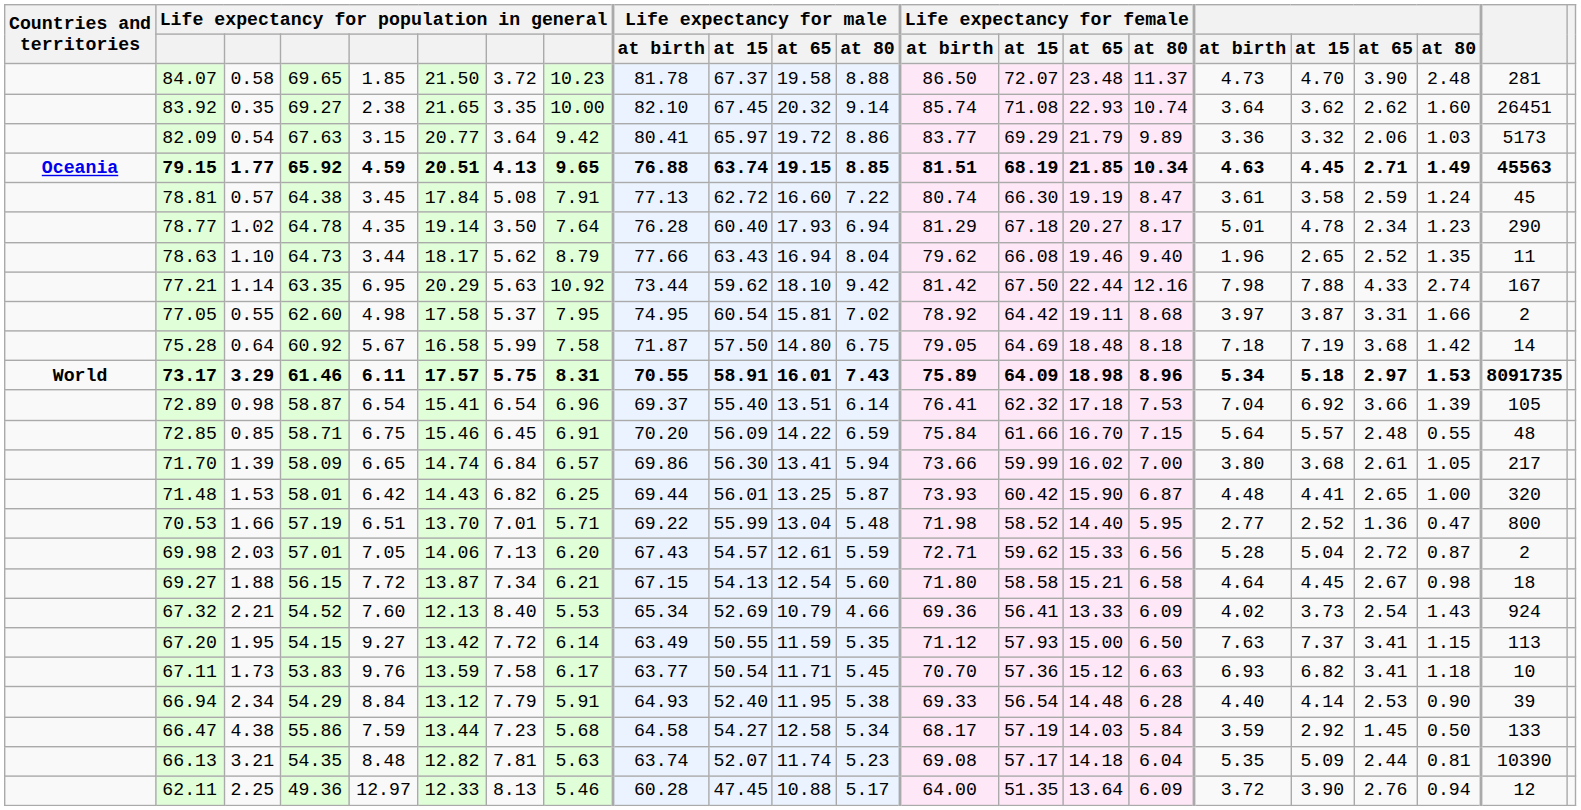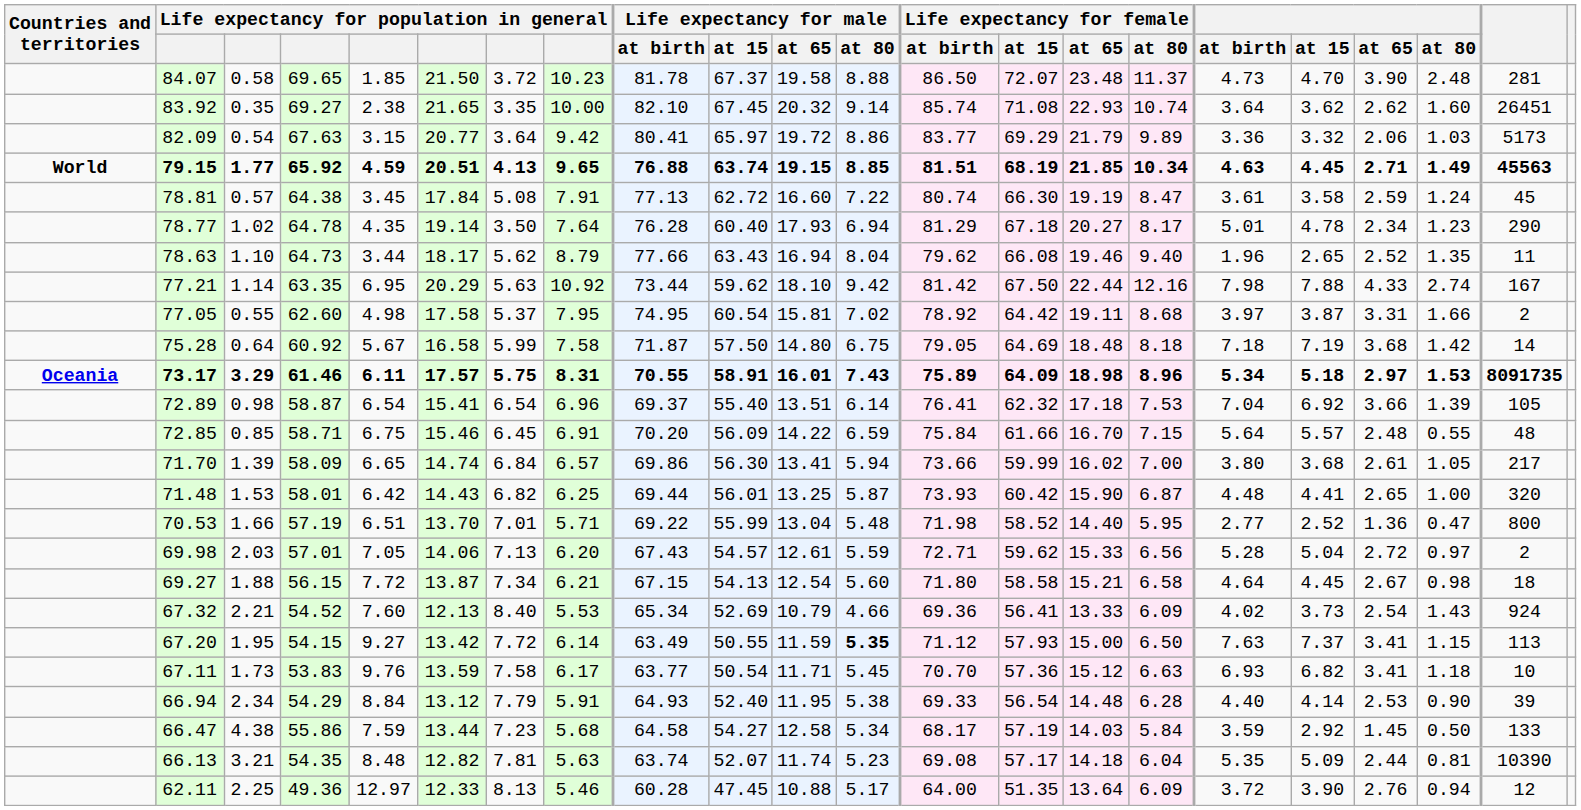 <table class="wikitable sortable mw-datatable static-row-numbers sticky-header-multi sort-under col1left col21right" style="text-align:center;">
 <tr>
 <th rowspan=2 style="vertical-align:middle;">Countries and<br>territories</th>
 <th colspan=7>Life expectancy for population in general</th>
 <th colspan=4 style="border-left-width:2px;">Life expectancy for male</th>
 <th colspan=4 style="border-left-width:2px;">Life expectancy for female</th>
 <th colspan=4 style="border-left-width:2px;"></th>
 <th rowspan=2 style="border-left-width:2px; text-align:middle;"></th>
 <th rowspan=2></th>
 </tr>
 <tr>
 <th style="vertical-align:middle;"></th>
 <th></th>
 <th style="vertical-align:middle;"></th>
 <th></th>
 <th style="vertical-align:middle;"></th>
 <th></th>
 <th style="vertical-align:middle;"></th>
 <th style="vertical-align:middle;border-left-width:2px;">at birth</th>
 <th style="vertical-align:middle;">at 15</th>
 <th style="vertical-align:middle;">at 65</th>
 <th style="vertical-align:middle;">at 80</th>
 <th style="vertical-align:middle;border-left-width:2px;">at birth</th>
 <th style="vertical-align:middle;">at 15</th>
 <th style="vertical-align:middle;">at 65</th>
 <th style="vertical-align:middle;">at 80</th>
 <th style="vertical-align:middle;border-left-width:2px;">at birth</th>
 <th style="vertical-align:middle;">at 15</th>
 <th style="vertical-align:middle;">at 65</th>
 <th style="vertical-align:middle;">at 80</th>
 </tr>
 <tr>
 <td></td>
 <td style="background:#e0ffd8;">84.07</td>
 <td>0.58</td>
 <td style="background:#e0ffd8;">69.65</td>
 <td>1.85</td>
 <td style="background:#e0ffd8;">21.50</td>
 <td>3.72</td>
 <td style="background:#e0ffd8;">10.23</td>
 <td style="background:#eaf3ff;border-left-width:2px;">81.78</td>
 <td style="background:#eaf3ff;">67.37</td>
 <td style="background:#eaf3ff;">19.58</td>
 <td style="background:#eaf3ff;">8.88</td>
 <td style="background:#fee7f6;border-left-width:2px;">86.50</td>
 <td style="background:#fee7f6;">72.07</td>
 <td style="background:#fee7f6;">23.48</td>
 <td style="background:#fee7f6;">11.37</td>
 <td style="border-left-width:2px;">4.73</td>
 <td>4.70</td>
 <td>3.90</td>
 <td>2.48</td>
 <td style="border-left-width:2px;">281</td>
 <td></td>
 </tr>
 <tr>
 <td></td>
 <td style="background:#e0ffd8;">83.92</td>
 <td>0.35</td>
 <td style="background:#e0ffd8;">69.27</td>
 <td>2.38</td>
 <td style="background:#e0ffd8;">21.65</td>
 <td>3.35</td>
 <td style="background:#e0ffd8;">10.00</td>
 <td style="background:#eaf3ff;border-left-width:2px;">82.10</td>
 <td style="background:#eaf3ff;">67.45</td>
 <td style="background:#eaf3ff;">20.32</td>
 <td style="background:#eaf3ff;">9.14</td>
 <td style="background:#fee7f6;border-left-width:2px;">85.74</td>
 <td style="background:#fee7f6;">71.08</td>
 <td style="background:#fee7f6;">22.93</td>
 <td style="background:#fee7f6;">10.74</td>
 <td style="border-left-width:2px;">3.64</td>
 <td>3.62</td>
 <td>2.62</td>
 <td>1.60</td>
 <td style="border-left-width:2px;">26451</td>
 <td></td>
 </tr>
 <tr>
 <td></td>
 <td style="background:#e0ffd8;">82.09</td>
 <td>0.54</td>
 <td style="background:#e0ffd8;">67.63</td>
 <td>3.15</td>
 <td style="background:#e0ffd8;">20.77</td>
 <td>3.64</td>
 <td style="background:#e0ffd8;">9.42</td>
 <td style="background:#eaf3ff;border-left-width:2px;">80.41</td>
 <td style="background:#eaf3ff;">65.97</td>
 <td style="background:#eaf3ff;">19.72</td>
 <td style="background:#eaf3ff;">8.86</td>
 <td style="background:#fee7f6;border-left-width:2px;">83.77</td>
 <td style="background:#fee7f6;">69.29</td>
 <td style="background:#fee7f6;">21.79</td>
 <td style="background:#fee7f6;">9.89</td>
 <td style="border-left-width:2px;">3.36</td>
 <td>3.32</td>
 <td>2.06</td>
 <td>1.03</td>
 <td style="border-left-width:2px;">5173</td>
 <td></td>
 </tr>
 <tr class=static-row-header>
-<td><strong><a href='#'>Oceania</a></strong></td>
+<td><strong>World</strong></td>
 <td style="background:#e0ffd8;"><strong>79.15</strong></td>
 <td><strong>1.77</strong></td>
 <td style="background:#e0ffd8;"><strong>65.92</strong></td>
 <td><strong>4.59</strong></td>
 <td style="background:#e0ffd8;"><strong>20.51</strong></td>
 <td><strong>4.13</strong></td>
 <td style="background:#e0ffd8;"><strong>9.65</strong></td>
 <td style="background:#eaf3ff;border-left-width:2px;"><strong>76.88</strong></td>
 <td style="background:#eaf3ff;"><strong>63.74</strong></td>
 <td style="background:#eaf3ff;"><strong>19.15</strong></td>
 <td style="background:#eaf3ff;"><strong>8.85</strong></td>
 <td style="background:#fee7f6;border-left-width:2px;"><strong>81.51</strong></td>
 <td style="background:#fee7f6;"><strong>68.19</strong></td>
 <td style="background:#fee7f6;"><strong>21.85</strong></td>
 <td style="background:#fee7f6;"><strong>10.34</strong></td>
 <td style="border-left-width:2px;"><strong>4.63</strong></td>
 <td><strong>4.45</strong></td>
 <td><strong>2.71</strong></td>
 <td><strong>1.49</strong></td>
 <td style="border-left-width:2px;"><strong>45563</strong></td>
 <td></td>
 </tr>
 <tr>
 <td></td>
 <td style="background:#e0ffd8;">78.81</td>
 <td>0.57</td>
 <td style="background:#e0ffd8;">64.38</td>
 <td>3.45</td>
 <td style="background:#e0ffd8;">17.84</td>
 <td>5.08</td>
 <td style="background:#e0ffd8;">7.91</td>
 <td style="background:#eaf3ff;border-left-width:2px;">77.13</td>
 <td style="background:#eaf3ff;">62.72</td>
 <td style="background:#eaf3ff;">16.60</td>
 <td style="background:#eaf3ff;">7.22</td>
 <td style="background:#fee7f6;border-left-width:2px;">80.74</td>
 <td style="background:#fee7f6;">66.30</td>
 <td style="background:#fee7f6;">19.19</td>
 <td style="background:#fee7f6;">8.47</td>
 <td style="border-left-width:2px;">3.61</td>
 <td>3.58</td>
 <td>2.59</td>
 <td>1.24</td>
 <td style="border-left-width:2px;">45</td>
 <td></td>
 </tr>
 <tr>
 <td></td>
 <td style="background:#e0ffd8;">78.77</td>
 <td>1.02</td>
 <td style="background:#e0ffd8;">64.78</td>
 <td>4.35</td>
 <td style="background:#e0ffd8;">19.14</td>
 <td>3.50</td>
 <td style="background:#e0ffd8;">7.64</td>
 <td style="background:#eaf3ff;border-left-width:2px;">76.28</td>
 <td style="background:#eaf3ff;">60.40</td>
 <td style="background:#eaf3ff;">17.93</td>
 <td style="background:#eaf3ff;">6.94</td>
 <td style="background:#fee7f6;border-left-width:2px;">81.29</td>
 <td style="background:#fee7f6;">67.18</td>
 <td style="background:#fee7f6;">20.27</td>
 <td style="background:#fee7f6;">8.17</td>
 <td style="border-left-width:2px;">5.01</td>
 <td>4.78</td>
 <td>2.34</td>
 <td>1.23</td>
 <td style="border-left-width:2px;">290</td>
 <td></td>
 </tr>
 <tr>
 <td></td>
 <td style="background:#e0ffd8;">78.63</td>
 <td>1.10</td>
 <td style="background:#e0ffd8;">64.73</td>
 <td>3.44</td>
 <td style="background:#e0ffd8;">18.17</td>
 <td>5.62</td>
 <td style="background:#e0ffd8;">8.79</td>
 <td style="background:#eaf3ff;border-left-width:2px;">77.66</td>
 <td style="background:#eaf3ff;">63.43</td>
 <td style="background:#eaf3ff;">16.94</td>
 <td style="background:#eaf3ff;">8.04</td>
 <td style="background:#fee7f6;border-left-width:2px;">79.62</td>
 <td style="background:#fee7f6;">66.08</td>
 <td style="background:#fee7f6;">19.46</td>
 <td style="background:#fee7f6;">9.40</td>
 <td style="border-left-width:2px;">1.96</td>
 <td>2.65</td>
 <td>2.52</td>
 <td>1.35</td>
 <td style="border-left-width:2px;">11</td>
 <td></td>
 </tr>
 <tr>
 <td></td>
 <td style="background:#e0ffd8;">77.21</td>
 <td>1.14</td>
 <td style="background:#e0ffd8;">63.35</td>
 <td>6.95</td>
 <td style="background:#e0ffd8;">20.29</td>
 <td>5.63</td>
 <td style="background:#e0ffd8;">10.92</td>
 <td style="background:#eaf3ff;border-left-width:2px;">73.44</td>
 <td style="background:#eaf3ff;">59.62</td>
 <td style="background:#eaf3ff;">18.10</td>
 <td style="background:#eaf3ff;">9.42</td>
 <td style="background:#fee7f6;border-left-width:2px;">81.42</td>
 <td style="background:#fee7f6;">67.50</td>
 <td style="background:#fee7f6;">22.44</td>
 <td style="background:#fee7f6;">12.16</td>
 <td style="border-left-width:2px;">7.98</td>
 <td>7.88</td>
 <td>4.33</td>
 <td>2.74</td>
 <td style="border-left-width:2px;">167</td>
 <td></td>
 </tr>
 <tr>
 <td></td>
 <td style="background:#e0ffd8;">77.05</td>
 <td>0.55</td>
 <td style="background:#e0ffd8;">62.60</td>
 <td>4.98</td>
 <td style="background:#e0ffd8;">17.58</td>
 <td>5.37</td>
 <td style="background:#e0ffd8;">7.95</td>
 <td style="background:#eaf3ff;border-left-width:2px;">74.95</td>
 <td style="background:#eaf3ff;">60.54</td>
 <td style="background:#eaf3ff;">15.81</td>
 <td style="background:#eaf3ff;">7.02</td>
 <td style="background:#fee7f6;border-left-width:2px;">78.92</td>
 <td style="background:#fee7f6;">64.42</td>
 <td style="background:#fee7f6;">19.11</td>
 <td style="background:#fee7f6;">8.68</td>
 <td style="border-left-width:2px;">3.97</td>
 <td>3.87</td>
 <td>3.31</td>
 <td>1.66</td>
 <td style="border-left-width:2px;">2</td>
 <td></td>
 </tr>
 <tr>
 <td></td>
 <td style="background:#e0ffd8;">75.28</td>
 <td>0.64</td>
 <td style="background:#e0ffd8;">60.92</td>
 <td>5.67</td>
 <td style="background:#e0ffd8;">16.58</td>
 <td>5.99</td>
 <td style="background:#e0ffd8;">7.58</td>
 <td style="background:#eaf3ff;border-left-width:2px;">71.87</td>
 <td style="background:#eaf3ff;">57.50</td>
 <td style="background:#eaf3ff;">14.80</td>
 <td style="background:#eaf3ff;">6.75</td>
 <td style="background:#fee7f6;border-left-width:2px;">79.05</td>
 <td style="background:#fee7f6;">64.69</td>
 <td style="background:#fee7f6;">18.48</td>
 <td style="background:#fee7f6;">8.18</td>
 <td style="border-left-width:2px;">7.18</td>
 <td>7.19</td>
 <td>3.68</td>
 <td>1.42</td>
 <td style="border-left-width:2px;">14</td>
 <td></td>
 </tr>
 <tr class=static-row-header>
-<td><strong>World</strong></td>
+<td><strong><a href='#'>Oceania</a></strong></td>
 <td style="background:#e0ffd8;"><strong>73.17</strong></td>
 <td><strong>3.29</strong></td>
 <td style="background:#e0ffd8;"><strong>61.46</strong></td>
 <td><strong>6.11</strong></td>
 <td style="background:#e0ffd8;"><strong>17.57</strong></td>
 <td><strong>5.75</strong></td>
 <td style="background:#e0ffd8;"><strong>8.31</strong></td>
 <td style="background:#eaf3ff;border-left-width:2px;"><strong>70.55</strong></td>
 <td style="background:#eaf3ff;"><strong>58.91</strong></td>
 <td style="background:#eaf3ff;"><strong>16.01</strong></td>
 <td style="background:#eaf3ff;"><strong>7.43</strong></td>
 <td style="background:#fee7f6;border-left-width:2px;"><strong>75.89</strong></td>
 <td style="background:#fee7f6;"><strong>64.09</strong></td>
 <td style="background:#fee7f6;"><strong>18.98</strong></td>
 <td style="background:#fee7f6;"><strong>8.96</strong></td>
 <td style="border-left-width:2px;"><strong>5.34</strong></td>
 <td><strong>5.18</strong></td>
 <td><strong>2.97</strong></td>
 <td><strong>1.53</strong></td>
 <td style="border-left-width:2px;"><strong>8091735</strong></td>
 <td></td>
 </tr>
 <tr>
 <td></td>
 <td style="background:#e0ffd8;">72.89</td>
 <td>0.98</td>
 <td style="background:#e0ffd8;">58.87</td>
 <td>6.54</td>
 <td style="background:#e0ffd8;">15.41</td>
 <td>6.54</td>
 <td style="background:#e0ffd8;">6.96</td>
 <td style="background:#eaf3ff;border-left-width:2px;">69.37</td>
 <td style="background:#eaf3ff;">55.40</td>
 <td style="background:#eaf3ff;">13.51</td>
 <td style="background:#eaf3ff;">6.14</td>
 <td style="background:#fee7f6;border-left-width:2px;">76.41</td>
 <td style="background:#fee7f6;">62.32</td>
 <td style="background:#fee7f6;">17.18</td>
 <td style="background:#fee7f6;">7.53</td>
 <td style="border-left-width:2px;">7.04</td>
 <td>6.92</td>
 <td>3.66</td>
 <td>1.39</td>
 <td style="border-left-width:2px;">105</td>
 <td></td>
 </tr>
 <tr>
 <td></td>
 <td style="background:#e0ffd8;">72.85</td>
 <td>0.85</td>
 <td style="background:#e0ffd8;">58.71</td>
 <td>6.75</td>
 <td style="background:#e0ffd8;">15.46</td>
 <td>6.45</td>
 <td style="background:#e0ffd8;">6.91</td>
 <td style="background:#eaf3ff;border-left-width:2px;">70.20</td>
 <td style="background:#eaf3ff;">56.09</td>
 <td style="background:#eaf3ff;">14.22</td>
 <td style="background:#eaf3ff;">6.59</td>
 <td style="background:#fee7f6;border-left-width:2px;">75.84</td>
 <td style="background:#fee7f6;">61.66</td>
 <td style="background:#fee7f6;">16.70</td>
 <td style="background:#fee7f6;">7.15</td>
 <td style="border-left-width:2px;">5.64</td>
 <td>5.57</td>
 <td>2.48</td>
 <td>0.55</td>
 <td style="border-left-width:2px;">48</td>
 <td></td>
 </tr>
 <tr>
 <td></td>
 <td style="background:#e0ffd8;">71.70</td>
 <td>1.39</td>
 <td style="background:#e0ffd8;">58.09</td>
 <td>6.65</td>
 <td style="background:#e0ffd8;">14.74</td>
 <td>6.84</td>
 <td style="background:#e0ffd8;">6.57</td>
 <td style="background:#eaf3ff;border-left-width:2px;">69.86</td>
 <td style="background:#eaf3ff;">56.30</td>
 <td style="background:#eaf3ff;">13.41</td>
 <td style="background:#eaf3ff;">5.94</td>
 <td style="background:#fee7f6;border-left-width:2px;">73.66</td>
 <td style="background:#fee7f6;">59.99</td>
 <td style="background:#fee7f6;">16.02</td>
 <td style="background:#fee7f6;">7.00</td>
 <td style="border-left-width:2px;">3.80</td>
 <td>3.68</td>
 <td>2.61</td>
 <td>1.05</td>
 <td style="border-left-width:2px;">217</td>
 <td></td>
 </tr>
 <tr>
 <td></td>
 <td style="background:#e0ffd8;">71.48</td>
 <td>1.53</td>
 <td style="background:#e0ffd8;">58.01</td>
 <td>6.42</td>
 <td style="background:#e0ffd8;">14.43</td>
 <td>6.82</td>
 <td style="background:#e0ffd8;">6.25</td>
 <td style="background:#eaf3ff;border-left-width:2px;">69.44</td>
 <td style="background:#eaf3ff;">56.01</td>
 <td style="background:#eaf3ff;">13.25</td>
 <td style="background:#eaf3ff;">5.87</td>
 <td style="background:#fee7f6;border-left-width:2px;">73.93</td>
 <td style="background:#fee7f6;">60.42</td>
 <td style="background:#fee7f6;">15.90</td>
 <td style="background:#fee7f6;">6.87</td>
 <td style="border-left-width:2px;">4.48</td>
 <td>4.41</td>
 <td>2.65</td>
 <td>1.00</td>
 <td style="border-left-width:2px;">320</td>
 <td></td>
 </tr>
 <tr>
 <td></td>
 <td style="background:#e0ffd8;">70.53</td>
 <td>1.66</td>
 <td style="background:#e0ffd8;">57.19</td>
 <td>6.51</td>
 <td style="background:#e0ffd8;">13.70</td>
 <td>7.01</td>
 <td style="background:#e0ffd8;">5.71</td>
 <td style="background:#eaf3ff;border-left-width:2px;">69.22</td>
 <td style="background:#eaf3ff;">55.99</td>
 <td style="background:#eaf3ff;">13.04</td>
 <td style="background:#eaf3ff;">5.48</td>
 <td style="background:#fee7f6;border-left-width:2px;">71.98</td>
 <td style="background:#fee7f6;">58.52</td>
 <td style="background:#fee7f6;">14.40</td>
 <td style="background:#fee7f6;">5.95</td>
 <td style="border-left-width:2px;">2.77</td>
 <td>2.52</td>
 <td>1.36</td>
 <td>0.47</td>
 <td style="border-left-width:2px;">800</td>
 <td></td>
 </tr>
 <tr>
 <td></td>
 <td style="background:#e0ffd8;">69.98</td>
 <td>2.03</td>
 <td style="background:#e0ffd8;">57.01</td>
 <td>7.05</td>
 <td style="background:#e0ffd8;">14.06</td>
 <td>7.13</td>
 <td style="background:#e0ffd8;">6.20</td>
 <td style="background:#eaf3ff;border-left-width:2px;">67.43</td>
 <td style="background:#eaf3ff;">54.57</td>
 <td style="background:#eaf3ff;">12.61</td>
 <td style="background:#eaf3ff;">5.59</td>
 <td style="background:#fee7f6;border-left-width:2px;">72.71</td>
 <td style="background:#fee7f6;">59.62</td>
 <td style="background:#fee7f6;">15.33</td>
 <td style="background:#fee7f6;">6.56</td>
 <td style="border-left-width:2px;">5.28</td>
 <td>5.04</td>
 <td>2.72</td>
-<td>0.87</td>
+<td>0.97</td>
 <td style="border-left-width:2px;">2</td>
 <td></td>
 </tr>
 <tr>
 <td></td>
 <td style="background:#e0ffd8;">69.27</td>
 <td>1.88</td>
 <td style="background:#e0ffd8;">56.15</td>
 <td>7.72</td>
 <td style="background:#e0ffd8;">13.87</td>
 <td>7.34</td>
 <td style="background:#e0ffd8;">6.21</td>
 <td style="background:#eaf3ff;border-left-width:2px;">67.15</td>
 <td style="background:#eaf3ff;">54.13</td>
 <td style="background:#eaf3ff;">12.54</td>
 <td style="background:#eaf3ff;">5.60</td>
 <td style="background:#fee7f6;border-left-width:2px;">71.80</td>
 <td style="background:#fee7f6;">58.58</td>
 <td style="background:#fee7f6;">15.21</td>
 <td style="background:#fee7f6;">6.58</td>
 <td style="border-left-width:2px;">4.64</td>
 <td>4.45</td>
 <td>2.67</td>
 <td>0.98</td>
 <td style="border-left-width:2px;">18</td>
 <td></td>
 </tr>
 <tr>
 <td></td>
 <td style="background:#e0ffd8;">67.32</td>
 <td>2.21</td>
 <td style="background:#e0ffd8;">54.52</td>
 <td>7.60</td>
 <td style="background:#e0ffd8;">12.13</td>
 <td>8.40</td>
 <td style="background:#e0ffd8;">5.53</td>
 <td style="background:#eaf3ff;border-left-width:2px;">65.34</td>
 <td style="background:#eaf3ff;">52.69</td>
 <td style="background:#eaf3ff;">10.79</td>
 <td style="background:#eaf3ff;">4.66</td>
 <td style="background:#fee7f6;border-left-width:2px;">69.36</td>
 <td style="background:#fee7f6;">56.41</td>
 <td style="background:#fee7f6;">13.33</td>
 <td style="background:#fee7f6;">6.09</td>
 <td style="border-left-width:2px;">4.02</td>
 <td>3.73</td>
 <td>2.54</td>
 <td>1.43</td>
 <td style="border-left-width:2px;">924</td>
 <td></td>
 </tr>
 <tr>
 <td></td>
 <td style="background:#e0ffd8;">67.20</td>
 <td>1.95</td>
 <td style="background:#e0ffd8;">54.15</td>
 <td>9.27</td>
 <td style="background:#e0ffd8;">13.42</td>
 <td>7.72</td>
 <td style="background:#e0ffd8;">6.14</td>
 <td style="background:#eaf3ff;border-left-width:2px;">63.49</td>
 <td style="background:#eaf3ff;">50.55</td>
 <td style="background:#eaf3ff;">11.59</td>
-<td style="background:#eaf3ff;">5.35</td>
+<td style="background:#eaf3ff;"><strong>5.35</strong></td>
 <td style="background:#fee7f6;border-left-width:2px;">71.12</td>
 <td style="background:#fee7f6;">57.93</td>
 <td style="background:#fee7f6;">15.00</td>
 <td style="background:#fee7f6;">6.50</td>
 <td style="border-left-width:2px;">7.63</td>
 <td>7.37</td>
 <td>3.41</td>
 <td>1.15</td>
 <td style="border-left-width:2px;">113</td>
 <td></td>
 </tr>
 <tr>
 <td></td>
 <td style="background:#e0ffd8;">67.11</td>
 <td>1.73</td>
 <td style="background:#e0ffd8;">53.83</td>
 <td>9.76</td>
 <td style="background:#e0ffd8;">13.59</td>
 <td>7.58</td>
 <td style="background:#e0ffd8;">6.17</td>
 <td style="background:#eaf3ff;border-left-width:2px;">63.77</td>
 <td style="background:#eaf3ff;">50.54</td>
 <td style="background:#eaf3ff;">11.71</td>
 <td style="background:#eaf3ff;">5.45</td>
 <td style="background:#fee7f6;border-left-width:2px;">70.70</td>
 <td style="background:#fee7f6;">57.36</td>
 <td style="background:#fee7f6;">15.12</td>
 <td style="background:#fee7f6;">6.63</td>
 <td style="border-left-width:2px;">6.93</td>
 <td>6.82</td>
 <td>3.41</td>
 <td>1.18</td>
 <td style="border-left-width:2px;">10</td>
 <td></td>
 </tr>
 <tr>
 <td></td>
 <td style="background:#e0ffd8;">66.94</td>
 <td>2.34</td>
 <td style="background:#e0ffd8;">54.29</td>
 <td>8.84</td>
 <td style="background:#e0ffd8;">13.12</td>
 <td>7.79</td>
 <td style="background:#e0ffd8;">5.91</td>
 <td style="background:#eaf3ff;border-left-width:2px;">64.93</td>
 <td style="background:#eaf3ff;">52.40</td>
 <td style="background:#eaf3ff;">11.95</td>
 <td style="background:#eaf3ff;">5.38</td>
 <td style="background:#fee7f6;border-left-width:2px;">69.33</td>
 <td style="background:#fee7f6;">56.54</td>
 <td style="background:#fee7f6;">14.48</td>
 <td style="background:#fee7f6;">6.28</td>
 <td style="border-left-width:2px;">4.40</td>
 <td>4.14</td>
 <td>2.53</td>
 <td>0.90</td>
 <td style="border-left-width:2px;">39</td>
 <td></td>
 </tr>
 <tr>
 <td></td>
 <td style="background:#e0ffd8;">66.47</td>
 <td>4.38</td>
 <td style="background:#e0ffd8;">55.86</td>
 <td>7.59</td>
 <td style="background:#e0ffd8;">13.44</td>
 <td>7.23</td>
 <td style="background:#e0ffd8;">5.68</td>
 <td style="background:#eaf3ff;border-left-width:2px;">64.58</td>
 <td style="background:#eaf3ff;">54.27</td>
 <td style="background:#eaf3ff;">12.58</td>
 <td style="background:#eaf3ff;">5.34</td>
 <td style="background:#fee7f6;border-left-width:2px;">68.17</td>
 <td style="background:#fee7f6;">57.19</td>
 <td style="background:#fee7f6;">14.03</td>
 <td style="background:#fee7f6;">5.84</td>
 <td style="border-left-width:2px;">3.59</td>
 <td>2.92</td>
 <td>1.45</td>
 <td>0.50</td>
 <td style="border-left-width:2px;">133</td>
 <td></td>
 </tr>
 <tr>
 <td></td>
 <td style="background:#e0ffd8;">66.13</td>
 <td>3.21</td>
 <td style="background:#e0ffd8;">54.35</td>
 <td>8.48</td>
 <td style="background:#e0ffd8;">12.82</td>
 <td>7.81</td>
 <td style="background:#e0ffd8;">5.63</td>
 <td style="background:#eaf3ff;border-left-width:2px;">63.74</td>
 <td style="background:#eaf3ff;">52.07</td>
 <td style="background:#eaf3ff;">11.74</td>
 <td style="background:#eaf3ff;">5.23</td>
 <td style="background:#fee7f6;border-left-width:2px;">69.08</td>
 <td style="background:#fee7f6;">57.17</td>
 <td style="background:#fee7f6;">14.18</td>
 <td style="background:#fee7f6;">6.04</td>
 <td style="border-left-width:2px;">5.35</td>
 <td>5.09</td>
 <td>2.44</td>
 <td>0.81</td>
 <td style="border-left-width:2px;">10390</td>
 <td></td>
 </tr>
 <tr>
 <td></td>
 <td style="background:#e0ffd8;">62.11</td>
 <td>2.25</td>
 <td style="background:#e0ffd8;">49.36</td>
 <td>12.97</td>
 <td style="background:#e0ffd8;">12.33</td>
 <td>8.13</td>
 <td style="background:#e0ffd8;">5.46</td>
 <td style="background:#eaf3ff;border-left-width:2px;">60.28</td>
 <td style="background:#eaf3ff;">47.45</td>
 <td style="background:#eaf3ff;">10.88</td>
 <td style="background:#eaf3ff;">5.17</td>
 <td style="background:#fee7f6;border-left-width:2px;">64.00</td>
 <td style="background:#fee7f6;">51.35</td>
 <td style="background:#fee7f6;">13.64</td>
 <td style="background:#fee7f6;">6.09</td>
 <td style="border-left-width:2px;">3.72</td>
 <td>3.90</td>
 <td>2.76</td>
 <td>0.94</td>
 <td style="border-left-width:2px;">12</td>
 <td></td>
 </tr>
 </table>
